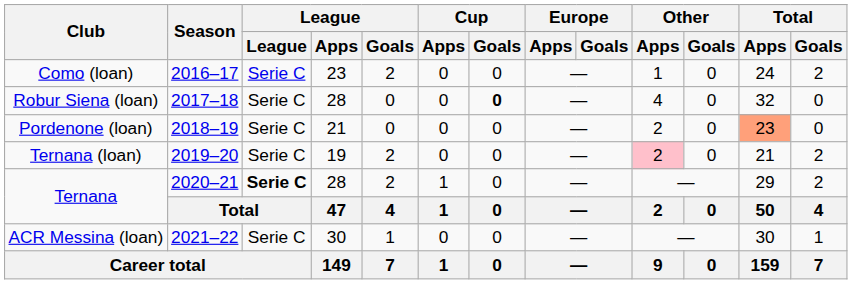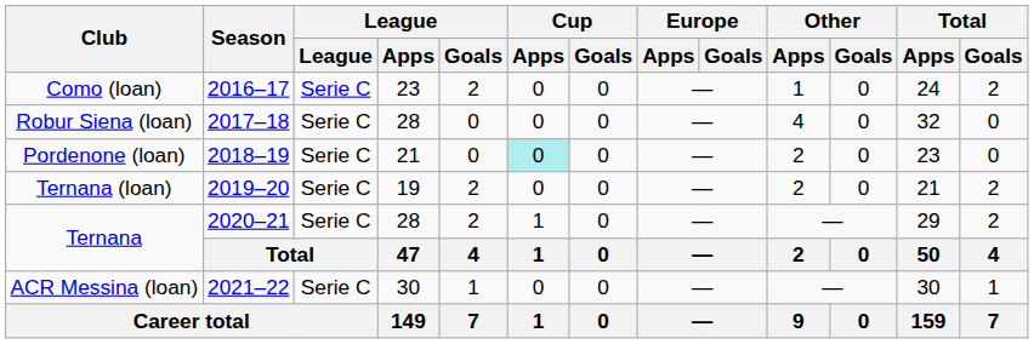 <table class="wikitable" style="text-align: center;">
 <tr>
 <th rowspan="2">Club</th>
 <th rowspan="2">Season</th>
 <th colspan="3">League</th>
 <th colspan="2">Cup</th>
 <th colspan="2">Europe</th>
 <th colspan="2">Other</th>
 <th colspan="2">Total</th>
 </tr>
 <tr>
 <th>League</th>
 <th>Apps</th>
 <th>Goals</th>
 <th>Apps</th>
 <th>Goals</th>
 <th>Apps</th>
 <th>Goals</th>
 <th>Apps</th>
 <th>Goals</th>
 <th>Apps</th>
 <th>Goals</th>
 </tr>
 <tr>
 <td rowspan="1"><a href='#'>Como</a> (loan)</td>
 <td><a href='#'>2016–17</a></td>
 <td rowspan="1"><a href='#'>Serie C</a></td>
 <td>23</td>
 <td>2</td>
 <td>0</td>
 <td>0</td>
 <td colspan="2">—</td>
 <td>1</td>
 <td>0</td>
 <td>24</td>
 <td>2</td>
 </tr>
 <tr>
 <td><a href='#'>Robur Siena</a> (loan)</td>
 <td><a href='#'>2017–18</a></td>
 <td>Serie C</td>
 <td>28</td>
 <td>0</td>
 <td>0</td>
-<td><strong>0</strong></td>
+<td>0</td>
 <td colspan="2">—</td>
 <td 4>4</td>
 <td>0</td>
 <td>32</td>
 <td 0>0</td>
 </tr>
 <tr>
 <td><a href='#'>Pordenone</a> (loan)</td>
 <td><a href='#'>2018–19</a></td>
 <td>Serie C</td>
 <td>21</td>
 <td>0</td>
-<td>0</td>
+<td style="background: paleturquoise;">0</td>
 <td>0</td>
 <td colspan="2">—</td>
 <td>2</td>
 <td>0</td>
-<td style="background: lightsalmon;">23</td>
+<td>23</td>
 <td>0</td>
 </tr>
 <tr>
 <td><a href='#'>Ternana</a> (loan)</td>
 <td><a href='#'>2019–20</a></td>
 <td>Serie C</td>
 <td>19</td>
 <td>2</td>
 <td>0</td>
 <td>0</td>
 <td colspan="2">—</td>
-<td style="background: pink;">2</td>
+<td>2</td>
 <td>0</td>
 <td>21</td>
 <td>2</td>
 </tr>
 <tr>
 <td rowspan="2"><a href='#'>Ternana</a></td>
 <td><a href='#'>2020–21</a></td>
-<td><strong>Serie C</strong></td>
+<td>Serie C</td>
 <td>28</td>
 <td>2</td>
 <td>1</td>
 <td>0</td>
 <td colspan="2">—</td>
 <td colspan="2">—</td>
 <td>29</td>
 <td>2</td>
 </tr>
 <tr>
 <th colspan="2">Total</th>
 <th>47</th>
 <th>4</th>
 <th>1</th>
 <th>0</th>
 <th colspan="2">—</th>
 <th>2</th>
 <th>0</th>
 <th>50</th>
 <th>4</th>
 </tr>
 <tr>
 <td><a href='#'>ACR Messina</a> (loan)</td>
 <td><a href='#'>2021–22</a></td>
 <td>Serie C</td>
 <td>30</td>
 <td>1</td>
 <td>0</td>
 <td>0</td>
 <td colspan="2">—</td>
 <td colspan="2" 4>—</td>
 <td>30</td>
 <td 0>1</td>
 </tr>
 <tr>
 <th colspan="3">Career total</th>
 <th>149</th>
 <th>7</th>
 <th>1</th>
 <th>0</th>
 <th colspan="2">—</th>
 <th>9</th>
 <th>0</th>
 <th>159</th>
 <th>7</th>
 </tr>
 </table>
